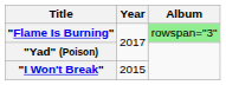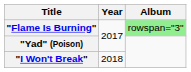 <table class="wikitable plainrowheaders" style="text-align:center;">
 <tr>
 <th scope="col">Title</th>
 <th scope="col">Year</th>
 <th scope="col">Album</th>
 </tr>
 <tr>
 <th scope="row">"<a href='#'>Flame Is Burning</a>"</th>
 <td rowspan="2">2017</td>
 <td style="background: lightgreen;">rowspan="3" </td>
 </tr>
 <tr>
 <th scope="row">"Yad" <small>(Poison)</small></th>
 </tr>
 <tr>
 <th scope="row">"<a href='#'>I Won't Break</a>"</th>
-<td rowspan="1">2015</td>
+<td rowspan="1">2018</td>
 </tr>
 </table>
